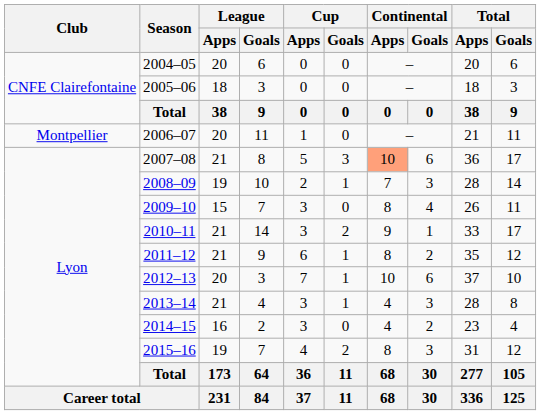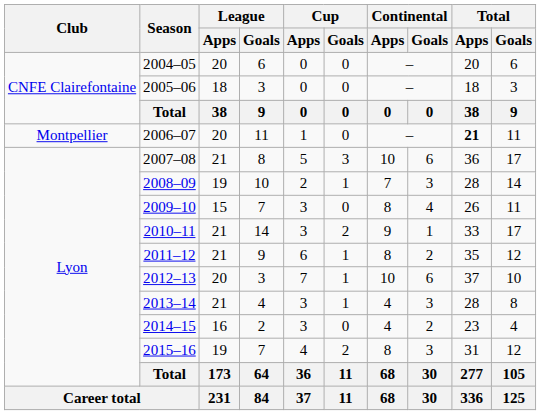 <table class="wikitable" style="text-align:center">
 <tr>
 <th rowspan="2">Club</th>
 <th rowspan="2">Season</th>
 <th colspan="2">League</th>
 <th colspan="2">Cup</th>
 <th colspan="2">Continental</th>
 <th colspan="2">Total</th>
 </tr>
 <tr>
 <th>Apps</th>
 <th>Goals</th>
 <th>Apps</th>
 <th>Goals</th>
 <th>Apps</th>
 <th>Goals</th>
 <th>Apps</th>
 <th>Goals</th>
 </tr>
 <tr>
 <td rowspan="3"><a href='#'>CNFE Clairefontaine</a></td>
 <td>2004–05</td>
 <td>20</td>
 <td>6</td>
 <td>0</td>
 <td>0</td>
 <td colspan="2">–</td>
 <td>20</td>
 <td>6</td>
 </tr>
 <tr>
 <td>2005–06</td>
 <td>18</td>
 <td>3</td>
 <td>0</td>
 <td>0</td>
 <td colspan="2">–</td>
 <td>18</td>
 <td>3</td>
 </tr>
 <tr>
 <th>Total</th>
 <th>38</th>
 <th>9</th>
 <th>0</th>
 <th>0</th>
 <th>0</th>
 <th>0</th>
 <th>38</th>
 <th>9</th>
 </tr>
 <tr>
 <td><a href='#'>Montpellier</a></td>
 <td>2006–07</td>
 <td>20</td>
 <td>11</td>
 <td>1</td>
 <td>0</td>
 <td colspan="2">–</td>
-<td>21</td>
+<td><strong>21</strong></td>
 <td>11</td>
 </tr>
 <tr>
 <td rowspan="10"><a href='#'>Lyon</a></td>
 <td>2007–08</td>
 <td>21</td>
 <td>8</td>
 <td>5</td>
 <td>3</td>
-<td style="background: lightsalmon;">10</td>
+<td>10</td>
 <td>6</td>
 <td>36</td>
 <td>17</td>
 </tr>
 <tr>
 <td><a href='#'>2008–09</a></td>
 <td>19</td>
 <td>10</td>
 <td>2</td>
 <td>1</td>
 <td>7</td>
 <td>3</td>
 <td>28</td>
 <td>14</td>
 </tr>
 <tr>
 <td><a href='#'>2009–10</a></td>
 <td>15</td>
 <td>7</td>
 <td>3</td>
 <td>0</td>
 <td>8</td>
 <td>4</td>
 <td>26</td>
 <td>11</td>
 </tr>
 <tr>
 <td><a href='#'>2010–11</a></td>
 <td>21</td>
 <td>14</td>
 <td>3</td>
 <td>2</td>
 <td>9</td>
 <td>1</td>
 <td>33</td>
 <td>17</td>
 </tr>
 <tr>
 <td><a href='#'>2011–12</a></td>
 <td>21</td>
 <td>9</td>
 <td>6</td>
 <td>1</td>
 <td>8</td>
 <td>2</td>
 <td>35</td>
 <td>12</td>
 </tr>
 <tr>
 <td><a href='#'>2012–13</a></td>
 <td>20</td>
 <td>3</td>
 <td>7</td>
 <td>1</td>
 <td>10</td>
 <td>6</td>
 <td>37</td>
 <td>10</td>
 </tr>
 <tr>
 <td><a href='#'>2013–14</a></td>
 <td>21</td>
 <td>4</td>
 <td>3</td>
 <td>1</td>
 <td>4</td>
 <td>3</td>
 <td>28</td>
 <td>8</td>
 </tr>
 <tr>
 <td><a href='#'>2014–15</a></td>
 <td>16</td>
 <td>2</td>
 <td>3</td>
 <td>0</td>
 <td>4</td>
 <td>2</td>
 <td>23</td>
 <td>4</td>
 </tr>
 <tr>
 <td><a href='#'>2015–16</a></td>
 <td>19</td>
 <td>7</td>
 <td>4</td>
 <td>2</td>
 <td>8</td>
 <td>3</td>
 <td>31</td>
 <td>12</td>
 </tr>
 <tr>
 <th>Total</th>
 <th>173</th>
 <th>64</th>
 <th>36</th>
 <th>11</th>
 <th>68</th>
 <th>30</th>
 <th>277</th>
 <th>105</th>
 </tr>
 <tr>
 <th colspan="2">Career total</th>
 <th>231</th>
 <th>84</th>
 <th>37</th>
 <th>11</th>
 <th>68</th>
 <th>30</th>
 <th>336</th>
 <th>125</th>
 </tr>
 </table>
